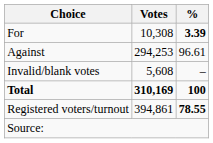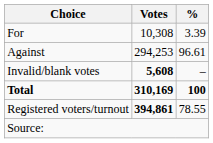 <table class=wikitable style=text-align:right>
 <tr>
 <th>Choice</th>
 <th>Votes</th>
 <th>%</th>
 </tr>
 <tr>
 <td align=left>For</td>
 <td>10,308</td>
-<td><strong>3.39</strong></td>
+<td>3.39</td>
 </tr>
 <tr>
 <td align=left>Against</td>
 <td>294,253</td>
 <td>96.61</td>
 </tr>
 <tr>
 <td align=left>Invalid/blank votes</td>
-<td>5,608</td>
+<td><strong>5,608</strong></td>
 <td>–</td>
 </tr>
 <tr>
 <td align=left><strong>Total</strong></td>
 <td><strong>310,169</strong></td>
 <td><strong>100</strong></td>
 </tr>
 <tr>
 <td align=left>Registered voters/turnout</td>
-<td>394,861</td>
-<td><strong>78.55</strong></td>
+<td><strong>394,861</strong></td>
+<td>78.55</td>
 </tr>
 <tr>
 <td style="text-align:left;" colspan="4">Source: </td>
 </tr>
 </table>
